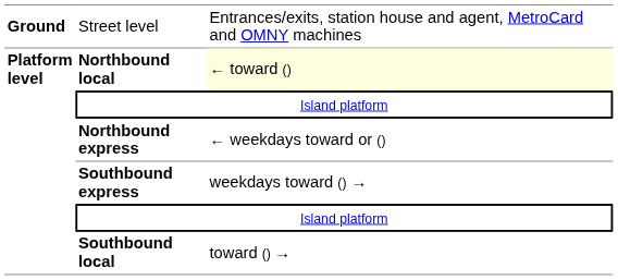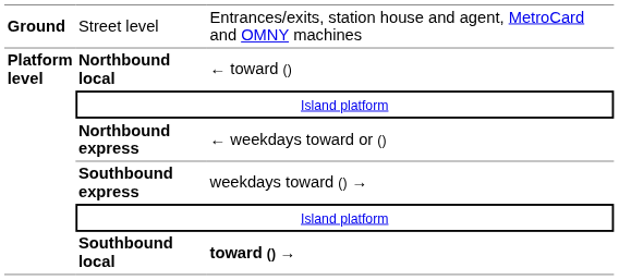 <table table border=0 cellspacing=0 cellpadding=3>
 <tr>
 <td style="border-top:solid 1px gray;border-bottom:solid 1px gray;" width=50><strong>Ground</strong></td>
 <td style="border-top:solid 1px gray;border-bottom:solid 1px gray;" width=125>Street level</td>
 <td style="border-top:solid 1px gray;border-bottom:solid 1px gray;" width=400>Entrances/exits, station house and agent, <a href='#'>MetroCard</a> and <a href='#'>OMNY</a> machines</td>
 </tr>
 <tr>
 <td style="border-bottom:solid 1px gray;" valign=top rowspan=6><strong>Platform level</strong></td>
 <td><span><strong>Northbound local</strong></span></td>
-<td style="background: lightyellow;">←  toward  <small>()</small></td>
+<td>←  toward  <small>()</small></td>
 </tr>
 <tr>
 <td style="border-bottom:solid 2px black;border-top:solid 2px black;border-right:solid 2px black;border-left:solid 2px black;text-align:center;" colspan=2><small><a href='#'>Island platform</a></small></td>
 </tr>
 <tr>
 <td style="border-bottom:solid 1px gray;"><span><strong>Northbound express</strong></span></td>
 <td style="border-bottom:solid 1px gray;">←  weekdays toward  or  <small>()</small></td>
 </tr>
 <tr>
 <td><span><strong>Southbound express</strong></span></td>
 <td>  weekdays toward  <small>()</small> →</td>
 </tr>
 <tr>
 <td style="border-bottom:solid 2px black;border-top:solid 2px black;border-right:solid 2px black;border-left:solid 2px black;text-align:center;" colspan=2><small><a href='#'>Island platform</a></small></td>
 </tr>
 <tr>
 <td style="border-bottom:solid 1px gray;"><span><strong>Southbound local</strong></span></td>
-<td style="border-bottom:solid 1px gray;">  toward  <small>() </small> →</td>
+<td style="border-bottom:solid 1px gray;"><strong>  toward  <small>() </small> →</strong></td>
 </tr>
 </table>
